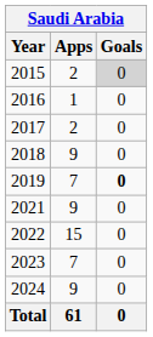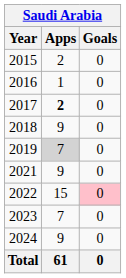 <table class="wikitable" style="text-align:center">
 <tr>
 <th colspan=3><a href='#'>Saudi Arabia</a></th>
 </tr>
 <tr>
 <th>Year</th>
 <th>Apps</th>
 <th>Goals</th>
 </tr>
 <tr>
 <td>2015</td>
 <td>2</td>
-<td style="background: lightgrey;">0</td>
+<td>0</td>
 </tr>
 <tr>
 <td>2016</td>
 <td>1</td>
 <td>0</td>
 </tr>
 <tr>
 <td>2017</td>
-<td>2</td>
+<td><strong>2</strong></td>
 <td>0</td>
 </tr>
 <tr>
 <td>2018</td>
 <td>9</td>
 <td>0</td>
 </tr>
 <tr>
 <td>2019</td>
-<td>7</td>
-<td><strong>0</strong></td>
+<td style="background: lightgrey;">7</td>
+<td>0</td>
 </tr>
 <tr>
 <td>2021</td>
 <td>9</td>
 <td>0</td>
 </tr>
 <tr>
 <td>2022</td>
 <td>15</td>
-<td>0</td>
+<td style="background: pink;">0</td>
 </tr>
 <tr>
 <td>2023</td>
 <td>7</td>
 <td>0</td>
 </tr>
 <tr>
 <td>2024</td>
 <td>9</td>
 <td>0</td>
 </tr>
 <tr>
 <th>Total</th>
 <th>61</th>
 <th>0</th>
 </tr>
 </table>
